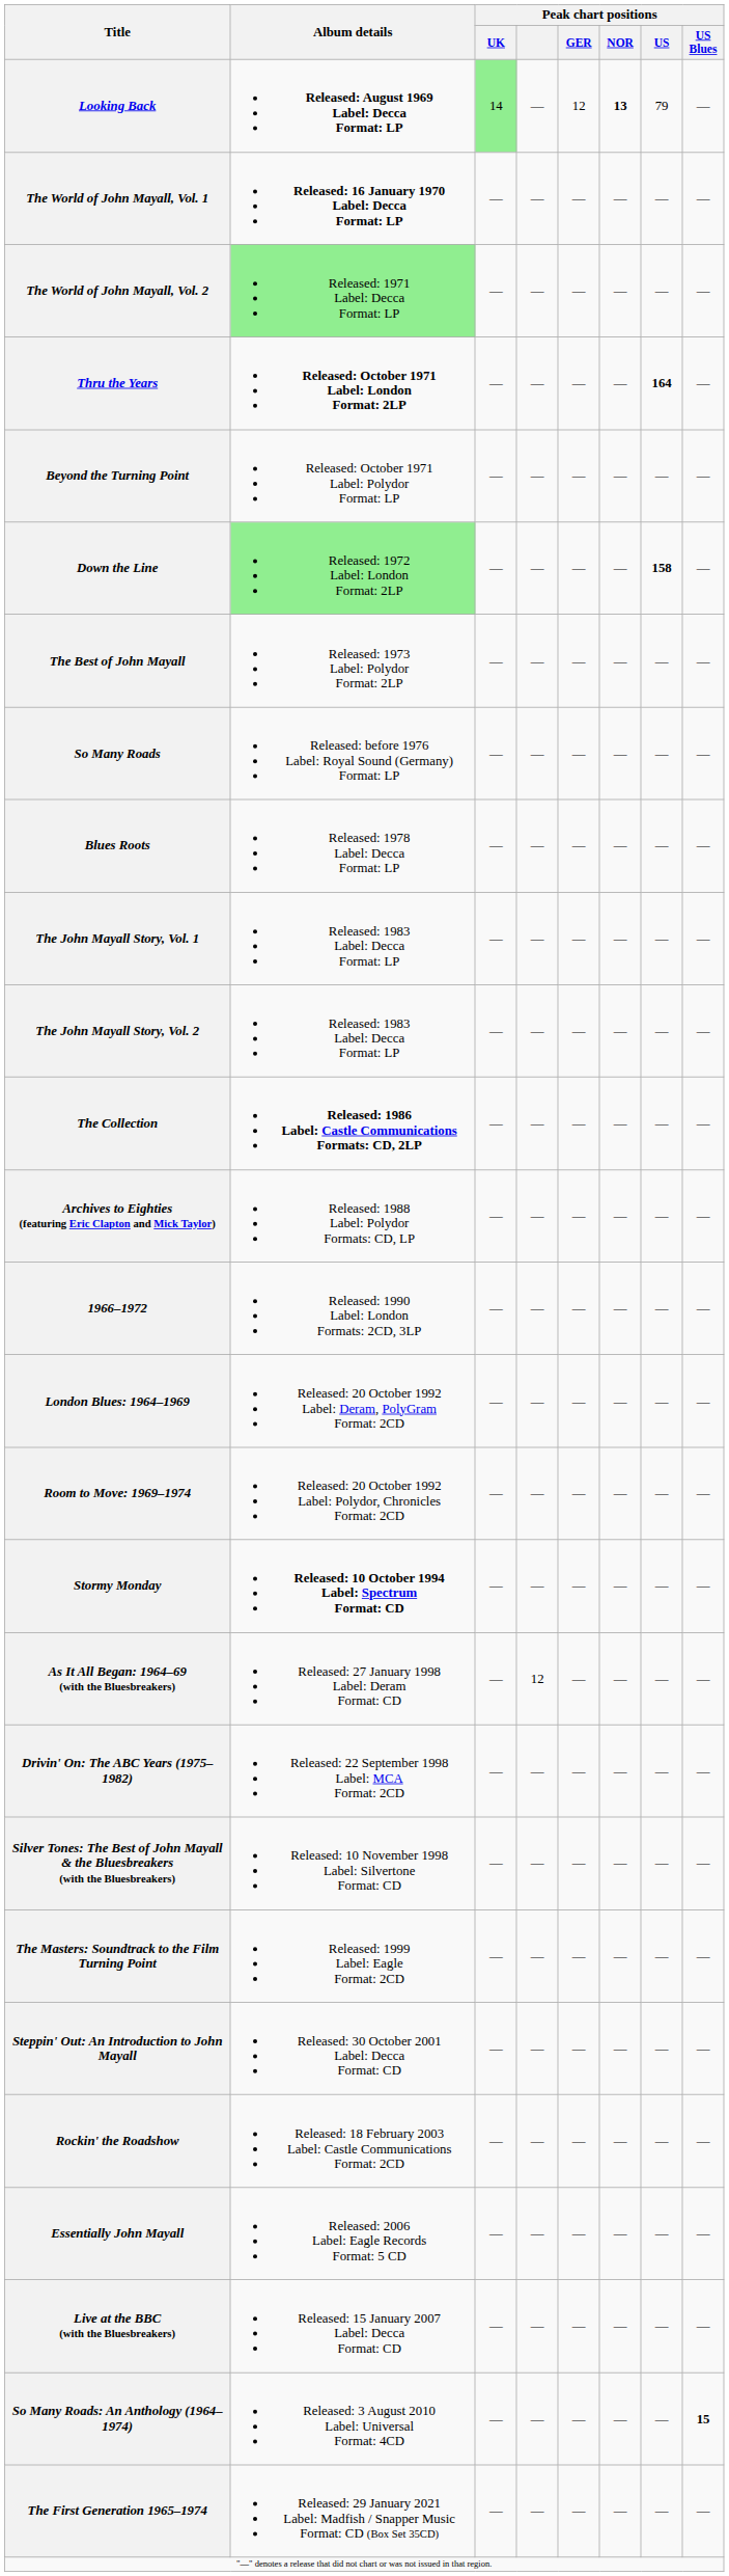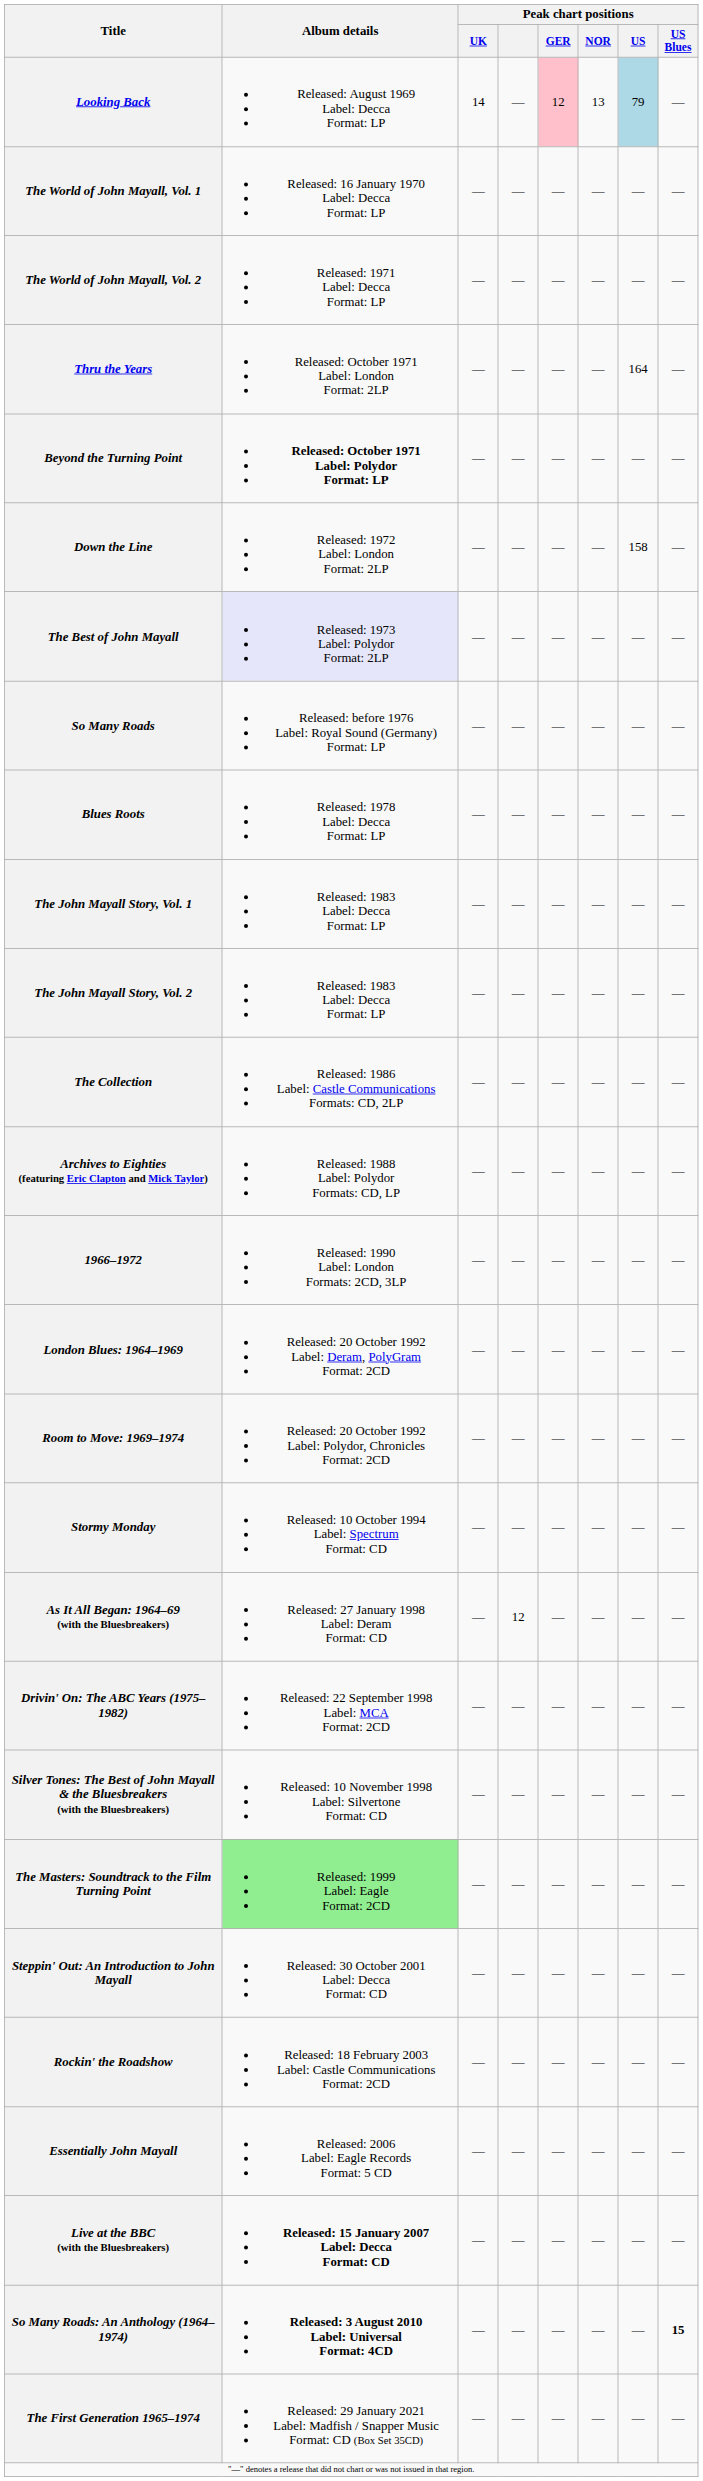 <table class="wikitable plainrowheaders" style="text-align:center;">
 <tr>
 <th scope="col" rowspan="2">Title</th>
 <th scope="col" rowspan="2" style="width:18em;">Album details</th>
 <th scope="col" colspan="6">Peak chart positions</th>
 </tr>
 <tr>
 <th scope="col" style="width:3em;font-size:90%;"><a href='#'>UK</a><br></th>
 <th scope="col" style="width:3em;font-size:90%;"><br></th>
 <th scope="col" style="width:3em;font-size:90%;"><a href='#'>GER</a><br></th>
 <th scope="col" style="width:3em;font-size:90%;"><a href='#'>NOR</a><br></th>
 <th scope="col" style="width:3em;font-size:90%;"><a href='#'>US</a><br></th>
 <th scope="col" style="width:3em;font-size:90%;"><a href='#'>US<br>Blues</a><br></th>
 </tr>
 <tr>
 <th scope="row"><em><a href='#'>Looking Back</a></em></th>
-<td><strong><br><ul><li>Released: August 1969</li><li>Label: Decca</li><li>Format: LP</li></ul></strong></td>
-<td style="background: lightgreen;">14</td>
+<td><br><ul><li>Released: August 1969</li><li>Label: Decca</li><li>Format: LP</li></ul></td>
+<td>14</td>
 <td>—</td>
-<td>12</td>
-<td><strong>13</strong></td>
-<td>79</td>
+<td style="background: pink;">12</td>
+<td>13</td>
+<td style="background: lightblue;">79</td>
 <td>—</td>
 </tr>
 <tr>
 <th scope="row"><em>The World of John Mayall, Vol. 1</em></th>
-<td><strong><br><ul><li>Released: 16 January 1970</li><li>Label: Decca</li><li>Format: LP</li></ul></strong></td>
+<td><br><ul><li>Released: 16 January 1970</li><li>Label: Decca</li><li>Format: LP</li></ul></td>
 <td>—</td>
 <td>—</td>
 <td>—</td>
 <td>—</td>
 <td>—</td>
 <td>—</td>
 </tr>
 <tr>
 <th scope="row"><em>The World of John Mayall, Vol. 2</em></th>
-<td style="background: lightgreen;"><br><ul><li>Released: 1971</li><li>Label: Decca</li><li>Format: LP</li></ul></td>
+<td><br><ul><li>Released: 1971</li><li>Label: Decca</li><li>Format: LP</li></ul></td>
 <td>—</td>
 <td>—</td>
 <td>—</td>
 <td>—</td>
 <td>—</td>
 <td>—</td>
 </tr>
 <tr>
 <th scope="row"><em><a href='#'>Thru the Years</a></em></th>
-<td><strong><br><ul><li>Released: October 1971</li><li>Label: London</li><li>Format: 2LP</li></ul></strong></td>
+<td><br><ul><li>Released: October 1971</li><li>Label: London</li><li>Format: 2LP</li></ul></td>
 <td>—</td>
 <td>—</td>
 <td>—</td>
 <td>—</td>
-<td><strong>164</strong></td>
+<td>164</td>
 <td>—</td>
 </tr>
 <tr>
 <th scope="row"><em>Beyond the Turning Point</em></th>
-<td><br><ul><li>Released: October 1971</li><li>Label: Polydor</li><li>Format: LP</li></ul></td>
+<td><strong><br><ul><li>Released: October 1971</li><li>Label: Polydor</li><li>Format: LP</li></ul></strong></td>
 <td>—</td>
 <td>—</td>
 <td>—</td>
 <td>—</td>
 <td>—</td>
 <td>—</td>
 </tr>
 <tr>
 <th scope="row"><em>Down the Line</em></th>
-<td style="background: lightgreen;"><br><ul><li>Released: 1972</li><li>Label: London</li><li>Format: 2LP</li></ul></td>
+<td><br><ul><li>Released: 1972</li><li>Label: London</li><li>Format: 2LP</li></ul></td>
 <td>—</td>
 <td>—</td>
 <td>—</td>
 <td>—</td>
-<td><strong>158</strong></td>
+<td>158</td>
 <td>—</td>
 </tr>
 <tr>
 <th scope="row"><em>The Best of John Mayall</em></th>
-<td><br><ul><li>Released: 1973</li><li>Label: Polydor</li><li>Format: 2LP</li></ul></td>
+<td style="background: lavender;"><br><ul><li>Released: 1973</li><li>Label: Polydor</li><li>Format: 2LP</li></ul></td>
 <td>—</td>
 <td>—</td>
 <td>—</td>
 <td>—</td>
 <td>—</td>
 <td>—</td>
 </tr>
 <tr>
 <th scope="row"><em>So Many Roads</em></th>
 <td><br><ul><li>Released: before 1976</li><li>Label: Royal Sound (Germany)</li><li>Format: LP</li></ul></td>
 <td>—</td>
 <td>—</td>
 <td>—</td>
 <td>—</td>
 <td>—</td>
 <td>—</td>
 </tr>
 <tr>
 <th scope="row"><em>Blues Roots</em></th>
 <td><br><ul><li>Released: 1978</li><li>Label: Decca</li><li>Format: LP</li></ul></td>
 <td>—</td>
 <td>—</td>
 <td>—</td>
 <td>—</td>
 <td>—</td>
 <td>—</td>
 </tr>
 <tr>
 <th scope="row"><em>The John Mayall Story, Vol. 1</em></th>
 <td><br><ul><li>Released: 1983</li><li>Label: Decca</li><li>Format: LP</li></ul></td>
 <td>—</td>
 <td>—</td>
 <td>—</td>
 <td>—</td>
 <td>—</td>
 <td>—</td>
 </tr>
 <tr>
 <th scope="row"><em>The John Mayall Story, Vol. 2</em></th>
 <td><br><ul><li>Released: 1983</li><li>Label: Decca</li><li>Format: LP</li></ul></td>
 <td>—</td>
 <td>—</td>
 <td>—</td>
 <td>—</td>
 <td>—</td>
 <td>—</td>
 </tr>
 <tr>
 <th scope="row"><em>The Collection</em></th>
-<td><strong><br><ul><li>Released: 1986</li><li>Label: <a href='#'>Castle Communications</a></li><li>Formats: CD, 2LP</li></ul></strong></td>
+<td><br><ul><li>Released: 1986</li><li>Label: <a href='#'>Castle Communications</a></li><li>Formats: CD, 2LP</li></ul></td>
 <td>—</td>
 <td>—</td>
 <td>—</td>
 <td>—</td>
 <td>—</td>
 <td>—</td>
 </tr>
 <tr>
 <th scope="row"><em>Archives to Eighties</em><br><small>(featuring <a href='#'>Eric Clapton</a> and <a href='#'>Mick Taylor</a>)</small></th>
 <td><br><ul><li>Released: 1988</li><li>Label: Polydor</li><li>Formats: CD, LP</li></ul></td>
 <td>—</td>
 <td>—</td>
 <td>—</td>
 <td>—</td>
 <td>—</td>
 <td>—</td>
 </tr>
 <tr>
 <th scope="row"><em>1966–1972</em></th>
 <td><br><ul><li>Released: 1990</li><li>Label: London</li><li>Formats: 2CD, 3LP</li></ul></td>
 <td>—</td>
 <td>—</td>
 <td>—</td>
 <td>—</td>
 <td>—</td>
 <td>—</td>
 </tr>
 <tr>
 <th scope="row"><em>London Blues: 1964–1969</em></th>
 <td><br><ul><li>Released: 20 October 1992</li><li>Label: <a href='#'>Deram</a>, <a href='#'>PolyGram</a></li><li>Format: 2CD</li></ul></td>
 <td>—</td>
 <td>—</td>
 <td>—</td>
 <td>—</td>
 <td>—</td>
 <td>—</td>
 </tr>
 <tr>
 <th scope="row"><em>Room to Move: 1969–1974</em></th>
 <td><br><ul><li>Released: 20 October 1992</li><li>Label: Polydor, Chronicles</li><li>Format: 2CD</li></ul></td>
 <td>—</td>
 <td>—</td>
 <td>—</td>
 <td>—</td>
 <td>—</td>
 <td>—</td>
 </tr>
 <tr>
 <th scope="row"><em>Stormy Monday</em></th>
-<td><strong><br><ul><li>Released: 10 October 1994</li><li>Label: <a href='#'>Spectrum</a></li><li>Format: CD</li></ul></strong></td>
+<td><br><ul><li>Released: 10 October 1994</li><li>Label: <a href='#'>Spectrum</a></li><li>Format: CD</li></ul></td>
 <td>—</td>
 <td>—</td>
 <td>—</td>
 <td>—</td>
 <td>—</td>
 <td>—</td>
 </tr>
 <tr>
 <th scope="row"><em>As It All Began: 1964–69</em><br><small>(with the Bluesbreakers)</small></th>
 <td><br><ul><li>Released: 27 January 1998</li><li>Label: Deram</li><li>Format: CD</li></ul></td>
 <td>—</td>
 <td>12</td>
 <td>—</td>
 <td>—</td>
 <td>—</td>
 <td>—</td>
 </tr>
 <tr>
 <th scope="row"><em>Drivin' On: The ABC Years (1975–1982)</em></th>
 <td><br><ul><li>Released: 22 September 1998</li><li>Label: <a href='#'>MCA</a></li><li>Format: 2CD</li></ul></td>
 <td>—</td>
 <td>—</td>
 <td>—</td>
 <td>—</td>
 <td>—</td>
 <td>—</td>
 </tr>
 <tr>
 <th scope="row"><em>Silver Tones: The Best of John Mayall & the Bluesbreakers</em><br><small>(with the Bluesbreakers)</small></th>
 <td><br><ul><li>Released: 10 November 1998</li><li>Label: Silvertone</li><li>Format: CD</li></ul></td>
 <td>—</td>
 <td>—</td>
 <td>—</td>
 <td>—</td>
 <td>—</td>
 <td>—</td>
 </tr>
 <tr>
 <th scope="row"><em>The Masters: Soundtrack to the Film Turning Point</em></th>
-<td><br><ul><li>Released: 1999</li><li>Label: Eagle</li><li>Format: 2CD</li></ul></td>
+<td style="background: lightgreen;"><br><ul><li>Released: 1999</li><li>Label: Eagle</li><li>Format: 2CD</li></ul></td>
 <td>—</td>
 <td>—</td>
 <td>—</td>
 <td>—</td>
 <td>—</td>
 <td>—</td>
 </tr>
 <tr>
 <th scope="row"><em>Steppin' Out: An Introduction to John Mayall</em></th>
 <td><br><ul><li>Released: 30 October 2001</li><li>Label: Decca</li><li>Format: CD</li></ul></td>
 <td>—</td>
 <td>—</td>
 <td>—</td>
 <td>—</td>
 <td>—</td>
 <td>—</td>
 </tr>
 <tr>
 <th scope="row"><em>Rockin' the Roadshow</em></th>
 <td><br><ul><li>Released: 18 February 2003</li><li>Label: Castle Communications</li><li>Format: 2CD</li></ul></td>
 <td>—</td>
 <td>—</td>
 <td>—</td>
 <td>—</td>
 <td>—</td>
 <td>—</td>
 </tr>
 <tr>
 <th scope="row"><em>Essentially John Mayall</em></th>
 <td><br><ul><li>Released: 2006</li><li>Label: Eagle Records</li><li>Format: 5 CD</li></ul></td>
 <td>—</td>
 <td>—</td>
 <td>—</td>
 <td>—</td>
 <td>—</td>
 <td>—</td>
 </tr>
 <tr>
 <th scope="row"><em>Live at the BBC</em><br><small>(with the Bluesbreakers)</small></th>
-<td><br><ul><li>Released: 15 January 2007</li><li>Label: Decca</li><li>Format: CD</li></ul></td>
+<td><strong><br><ul><li>Released: 15 January 2007</li><li>Label: Decca</li><li>Format: CD</li></ul></strong></td>
 <td>—</td>
 <td>—</td>
 <td>—</td>
 <td>—</td>
 <td>—</td>
 <td>—</td>
 </tr>
 <tr>
 <th scope="row"><em>So Many Roads: An Anthology (1964–1974)</em></th>
-<td><br><ul><li>Released: 3 August 2010</li><li>Label: Universal</li><li>Format: 4CD</li></ul></td>
+<td><strong><br><ul><li>Released: 3 August 2010</li><li>Label: Universal</li><li>Format: 4CD</li></ul></strong></td>
 <td>—</td>
 <td>—</td>
 <td>—</td>
 <td>—</td>
 <td>—</td>
 <td><strong>15</strong></td>
 </tr>
 <tr>
 <th scope="row"><em>The First Generation 1965–1974</em></th>
 <td><br><ul><li>Released: 29 January 2021</li><li>Label: Madfish / Snapper Music</li><li>Format: CD <small>(Box Set 35CD)</small></li></ul></td>
 <td>—</td>
 <td>—</td>
 <td>—</td>
 <td>—</td>
 <td>—</td>
 <td>—</td>
 </tr>
 <tr>
 <td align="center" colspan="8" style="font-size: 8pt">"—" denotes a release that did not chart or was not issued in that region.</td>
 </tr>
 </table>
